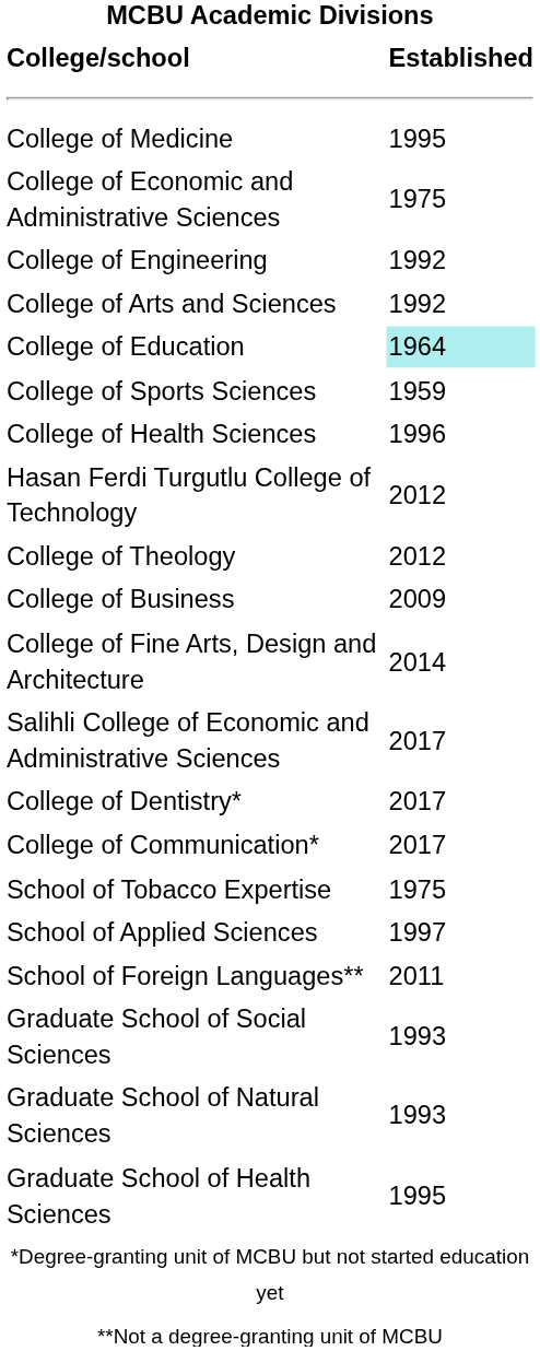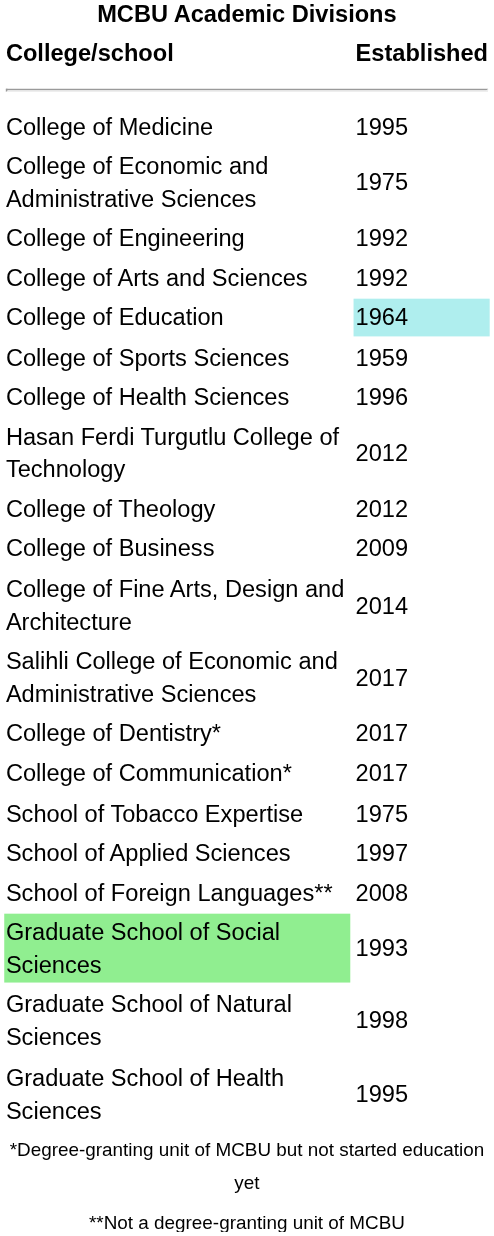 <table class="toccolours" style="float:right; margin-left:1em; font-size:90%; line-height:1.4em; width:300px;">
 <tr>
 <th colspan="2" style="text-align: center;"><strong>MCBU Academic Divisions</strong></th>
 </tr>
 <tr>
 <td><strong>College/school</strong></td>
 <td><strong>Established</strong></td>
 </tr>
 <tr>
 <td colspan="2"><hr></td>
 </tr>
 <tr>
 <td>College of Medicine</td>
 <td>1995</td>
 </tr>
 <tr>
 <td>College of Economic and Administrative Sciences</td>
 <td>1975</td>
 </tr>
 <tr>
 <td>College of Engineering</td>
 <td>1992</td>
 </tr>
 <tr>
 <td>College of Arts and Sciences</td>
 <td>1992</td>
 </tr>
 <tr>
 <td>College of Education</td>
 <td style="background: paleturquoise;">1964</td>
 </tr>
 <tr>
 <td>College of Sports Sciences</td>
 <td>1959</td>
 </tr>
 <tr>
 <td>College of Health Sciences</td>
 <td>1996</td>
 </tr>
 <tr>
 <td>Hasan Ferdi Turgutlu College of Technology</td>
 <td>2012</td>
 </tr>
 <tr>
 <td>College of Theology</td>
 <td>2012</td>
 </tr>
 <tr>
 <td>College of Business</td>
 <td>2009</td>
 </tr>
 <tr>
 <td>College of Fine Arts, Design and Architecture</td>
 <td>2014</td>
 </tr>
 <tr>
 <td>Salihli College of Economic and Administrative Sciences</td>
 <td>2017</td>
 </tr>
 <tr>
 <td>College of Dentistry*</td>
 <td>2017</td>
 </tr>
 <tr>
 <td>College of Communication*</td>
 <td>2017</td>
 </tr>
 <tr>
 <td>School of Tobacco Expertise</td>
 <td>1975</td>
 </tr>
 <tr>
 <td>School of Applied Sciences</td>
 <td>1997</td>
 </tr>
 <tr>
 <td>School of Foreign Languages**</td>
-<td>2011</td>
+<td>2008</td>
 </tr>
 <tr>
-<td>Graduate School of Social Sciences</td>
+<td style="background: lightgreen;">Graduate School of Social Sciences</td>
 <td>1993</td>
 </tr>
 <tr>
 <td>Graduate School of Natural Sciences</td>
-<td>1993</td>
+<td>1998</td>
 </tr>
 <tr>
 <td>Graduate School of Health Sciences</td>
 <td>1995</td>
 </tr>
 <tr>
 <td colspan="2" style="text-align: center; font-size: 80%">*Degree-granting unit of MCBU but not started education yet</td>
 </tr>
 <tr>
 <td colspan="2" style="text-align: center; font-size: 80%">**Not a degree-granting unit of MCBU</td>
 </tr>
 <tr>
 </tr>
 </table>
